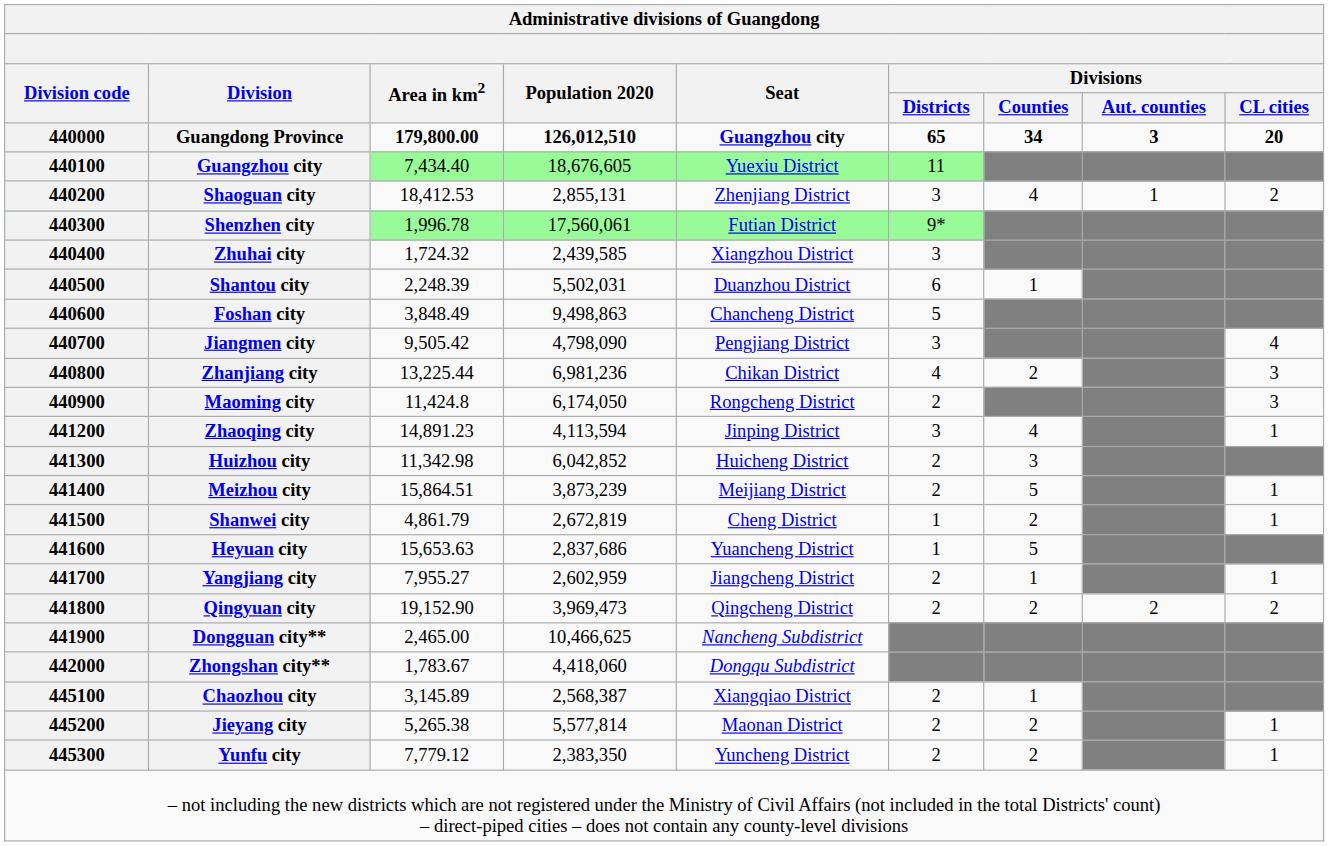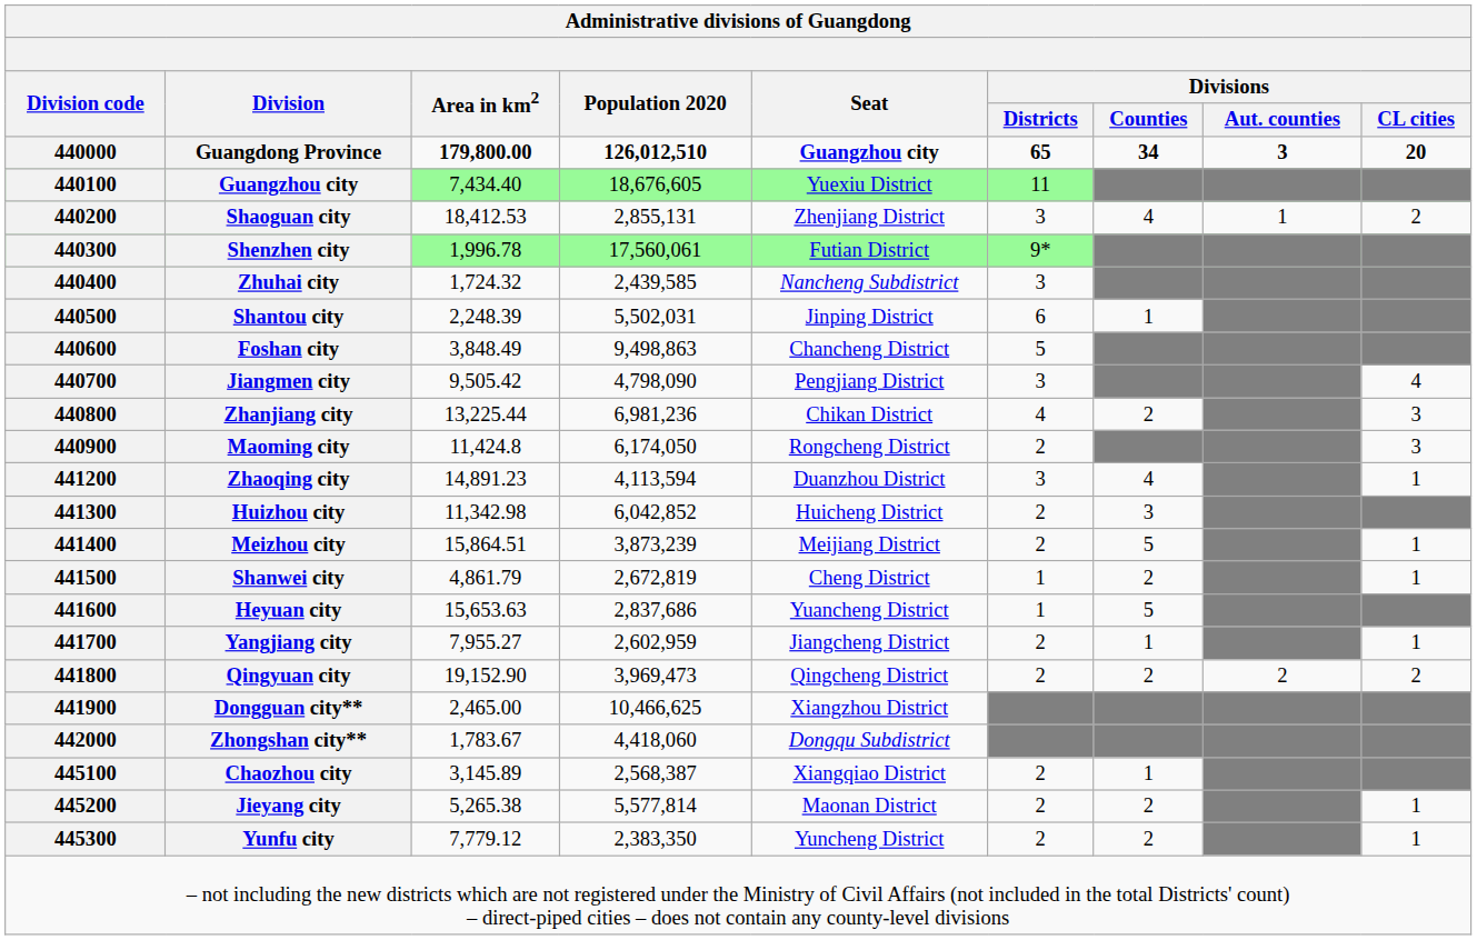 <table class="wikitable sortable" style="margin:1em auto 1em auto; width:90%; text-align:center;">
 <tr>
 <th colspan=9>Administrative divisions of Guangdong</th>
 </tr>
 <tr>
 <th colspan=9><div><br>                            </div></th>
 </tr>
 <tr>
 <th rowspan=2><a href='#'>Division code</a></th>
 <th rowspan=2><a href='#'>Division</a></th>
 <th rowspan=2>Area in km<sup>2</sup></th>
 <th rowspan=2>Population 2020</th>
 <th rowspan=2>Seat</th>
 <th colspan=4>Divisions</th>
 </tr>
 <tr style="width:45px;">
 <th><a href='#'>Districts</a></th>
 <th><a href='#'>Counties</a></th>
 <th><a href='#'>Aut. counties</a></th>
 <th><a href='#'>CL cities</a></th>
 </tr>
 <tr style="font-weight: bold">
 <th>440000</th>
 <th>Guangdong Province</th>
 <td>179,800.00</td>
 <td>126,012,510</td>
 <td><a href='#'>Guangzhou</a> city</td>
 <td>65</td>
 <td>34</td>
 <td>3</td>
 <td>20</td>
 </tr>
 <tr style="background:#98fb98;">
 <th>440100</th>
 <th><a href='#'>Guangzhou</a> city</th>
 <td>7,434.40</td>
 <td>18,676,605</td>
 <td><a href='#'>Yuexiu District</a></td>
 <td>11</td>
 <td style="background:gray;"></td>
 <td style="background:gray;"></td>
 <td style="background:gray;"></td>
 </tr>
 <tr>
 <th>440200</th>
 <th><a href='#'>Shaoguan</a> city</th>
 <td>18,412.53</td>
 <td>2,855,131</td>
 <td><a href='#'>Zhenjiang District</a></td>
 <td>3</td>
 <td>4</td>
 <td>1</td>
 <td>2</td>
 </tr>
 <tr style="background:#98fb98;">
 <th>440300</th>
 <th><a href='#'>Shenzhen</a> city</th>
 <td>1,996.78</td>
 <td>17,560,061</td>
 <td><a href='#'>Futian District</a></td>
 <td>9*</td>
 <td style="background:gray;"></td>
 <td style="background:gray;"></td>
 <td style="background:gray;"></td>
 </tr>
 <tr>
 <th>440400</th>
 <th><a href='#'>Zhuhai</a> city</th>
 <td>1,724.32</td>
 <td>2,439,585</td>
-<td><a href='#'>Xiangzhou District</a></td>
+<td><a href='#'><em>Nancheng Subdistrict</em></a></td>
 <td>3</td>
 <td style="background:gray;"></td>
 <td style="background:gray;"></td>
 <td style="background:gray;"></td>
 </tr>
 <tr>
 <th>440500</th>
 <th><a href='#'>Shantou</a> city</th>
 <td>2,248.39</td>
 <td>5,502,031</td>
-<td><a href='#'>Duanzhou District</a></td>
+<td><a href='#'>Jinping District</a></td>
 <td>6</td>
 <td>1</td>
 <td style="background:gray;"></td>
 <td style="background:gray;"></td>
 </tr>
 <tr>
 <th>440600</th>
 <th><a href='#'>Foshan</a> city</th>
 <td>3,848.49</td>
 <td>9,498,863</td>
 <td><a href='#'>Chancheng District</a></td>
 <td>5</td>
 <td style="background:gray;"></td>
 <td style="background:gray;"></td>
 <td style="background:gray;"></td>
 </tr>
 <tr>
 <th>440700</th>
 <th><a href='#'>Jiangmen</a> city</th>
 <td>9,505.42</td>
 <td>4,798,090</td>
 <td><a href='#'>Pengjiang District</a></td>
 <td>3</td>
 <td style="background:gray;"></td>
 <td style="background:gray;"></td>
 <td>4</td>
 </tr>
 <tr>
 <th>440800</th>
 <th><a href='#'>Zhanjiang</a> city</th>
 <td>13,225.44</td>
 <td>6,981,236</td>
 <td><a href='#'>Chikan District</a></td>
 <td>4</td>
 <td>2</td>
 <td style="background:gray;"></td>
 <td>3</td>
 </tr>
 <tr>
 <th>440900</th>
 <th><a href='#'>Maoming</a> city</th>
 <td>11,424.8</td>
 <td>6,174,050</td>
 <td><a href='#'>Rongcheng District</a></td>
 <td>2</td>
 <td style="background:gray;"></td>
 <td style="background:gray;"></td>
 <td>3</td>
 </tr>
 <tr>
 <th>441200</th>
 <th><a href='#'>Zhaoqing</a> city</th>
 <td>14,891.23</td>
 <td>4,113,594</td>
-<td><a href='#'>Jinping District</a></td>
+<td><a href='#'>Duanzhou District</a></td>
 <td>3</td>
 <td>4</td>
 <td style="background:gray;"></td>
 <td>1</td>
 </tr>
 <tr>
 <th>441300</th>
 <th><a href='#'>Huizhou</a> city</th>
 <td>11,342.98</td>
 <td>6,042,852</td>
 <td><a href='#'>Huicheng District</a></td>
 <td>2</td>
 <td>3</td>
 <td style="background:gray;"></td>
 <td style="background:gray;"></td>
 </tr>
 <tr>
 <th>441400</th>
 <th><a href='#'>Meizhou</a> city</th>
 <td>15,864.51</td>
 <td>3,873,239</td>
 <td><a href='#'>Meijiang District</a></td>
 <td>2</td>
 <td>5</td>
 <td style="background:gray;"></td>
 <td>1</td>
 </tr>
 <tr>
 <th>441500</th>
 <th><a href='#'>Shanwei</a> city</th>
 <td>4,861.79</td>
 <td>2,672,819</td>
 <td><a href='#'>Cheng District</a></td>
 <td>1</td>
 <td>2</td>
 <td style="background:gray;"></td>
 <td>1</td>
 </tr>
 <tr>
 <th>441600</th>
 <th><a href='#'>Heyuan</a> city</th>
 <td>15,653.63</td>
 <td>2,837,686</td>
 <td><a href='#'>Yuancheng District</a></td>
 <td>1</td>
 <td>5</td>
 <td style="background:gray;"></td>
 <td style="background:gray;"></td>
 </tr>
 <tr>
 <th>441700</th>
 <th><a href='#'>Yangjiang</a> city</th>
 <td>7,955.27</td>
 <td>2,602,959</td>
 <td><a href='#'>Jiangcheng District</a></td>
 <td>2</td>
 <td>1</td>
 <td style="background:gray;"></td>
 <td>1</td>
 </tr>
 <tr>
 <th>441800</th>
 <th><a href='#'>Qingyuan</a> city</th>
 <td>19,152.90</td>
 <td>3,969,473</td>
 <td><a href='#'>Qingcheng District</a></td>
 <td>2</td>
 <td>2</td>
 <td>2</td>
 <td>2</td>
 </tr>
 <tr>
 <th>441900</th>
 <th><a href='#'>Dongguan</a> city**</th>
 <td>2,465.00</td>
 <td>10,466,625</td>
-<td><a href='#'><em>Nancheng Subdistrict</em></a></td>
+<td><a href='#'>Xiangzhou District</a></td>
 <td style="background:gray;"></td>
 <td style="background:gray;"></td>
 <td style="background:gray;"></td>
 <td style="background:gray;"></td>
 </tr>
 <tr>
 <th>442000</th>
 <th><a href='#'>Zhongshan</a> city**</th>
 <td>1,783.67</td>
 <td>4,418,060</td>
 <td><em><a href='#'>Dongqu Subdistrict</a></em></td>
 <td style="background:gray;"></td>
 <td style="background:gray;"></td>
 <td style="background:gray;"></td>
 <td style="background:gray;"></td>
 </tr>
 <tr>
 <th>445100</th>
 <th><a href='#'>Chaozhou</a> city</th>
 <td>3,145.89</td>
 <td>2,568,387</td>
 <td><a href='#'>Xiangqiao District</a></td>
 <td>2</td>
 <td>1</td>
 <td style="background:gray;"></td>
 <td style="background:gray;"></td>
 </tr>
 <tr>
 <th>445200</th>
 <th><a href='#'>Jieyang</a> city</th>
 <td>5,265.38</td>
 <td>5,577,814</td>
 <td><a href='#'>Maonan District</a></td>
 <td>2</td>
 <td>2</td>
 <td style="background:gray;"></td>
 <td>1</td>
 </tr>
 <tr>
 <th>445300</th>
 <th><a href='#'>Yunfu</a> city</th>
 <td>7,779.12</td>
 <td>2,383,350</td>
 <td><a href='#'>Yuncheng District</a></td>
 <td>2</td>
 <td>2</td>
 <td style="background:gray;"></td>
 <td>1</td>
 </tr>
 <tr class="sortbottom">
 <td colspan=12><br> – not including the new districts which are not registered under the Ministry of Civil Affairs (not included in the total Districts' count)<br> – direct-piped cities – does not contain any county-level divisions</td>
 </tr>
 </table>
